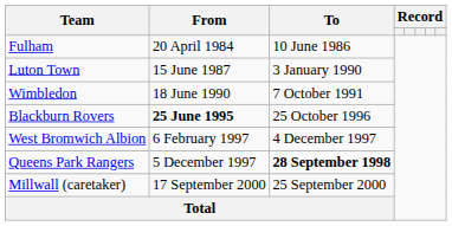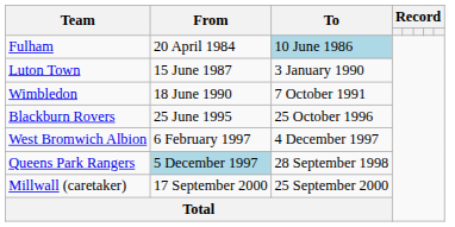 <table class=wikitable style="text-align: center">
 <tr>
 <th rowspan=2>Team</th>
 <th rowspan=2>From</th>
 <th rowspan=2>To</th>
 <th colspan=5>Record</th>
 </tr>
 <tr>
 <th></th>
 <th></th>
 <th></th>
 <th></th>
 <th></th>
 </tr>
 <tr>
 <td align=left><a href='#'>Fulham</a></td>
 <td align=left>20 April 1984</td>
-<td align=left>10 June 1986<br></td>
+<td align=left style="background: lightblue;">10 June 1986<br></td>
 </tr>
 <tr>
 <td align=left><a href='#'>Luton Town</a></td>
 <td align=left>15 June 1987</td>
 <td align=left>3 January 1990<br></td>
 </tr>
 <tr>
 <td align=left><a href='#'>Wimbledon</a></td>
 <td align=left>18 June 1990</td>
 <td align=left>7 October 1991<br></td>
 </tr>
 <tr>
 <td align=left><a href='#'>Blackburn Rovers</a></td>
-<td align=left><strong>25 June 1995</strong></td>
+<td align=left>25 June 1995</td>
 <td align=left>25 October 1996<br></td>
 </tr>
 <tr>
 <td align=left><a href='#'>West Bromwich Albion</a></td>
 <td align=left>6 February 1997</td>
 <td align=left>4 December 1997<br></td>
 </tr>
 <tr>
 <td align=left><a href='#'>Queens Park Rangers</a></td>
-<td align=left>5 December 1997</td>
-<td align=left><strong>28 September 1998<br></strong></td>
+<td align=left style="background: lightblue;">5 December 1997</td>
+<td align=left>28 September 1998<br></td>
 </tr>
 <tr>
 <td align=left><a href='#'>Millwall</a> (caretaker)</td>
 <td align=left>17 September 2000</td>
 <td align=left>25 September 2000<br></td>
 </tr>
 <tr>
 <th colspan=3>Total<br></th>
 </tr>
 </table>
